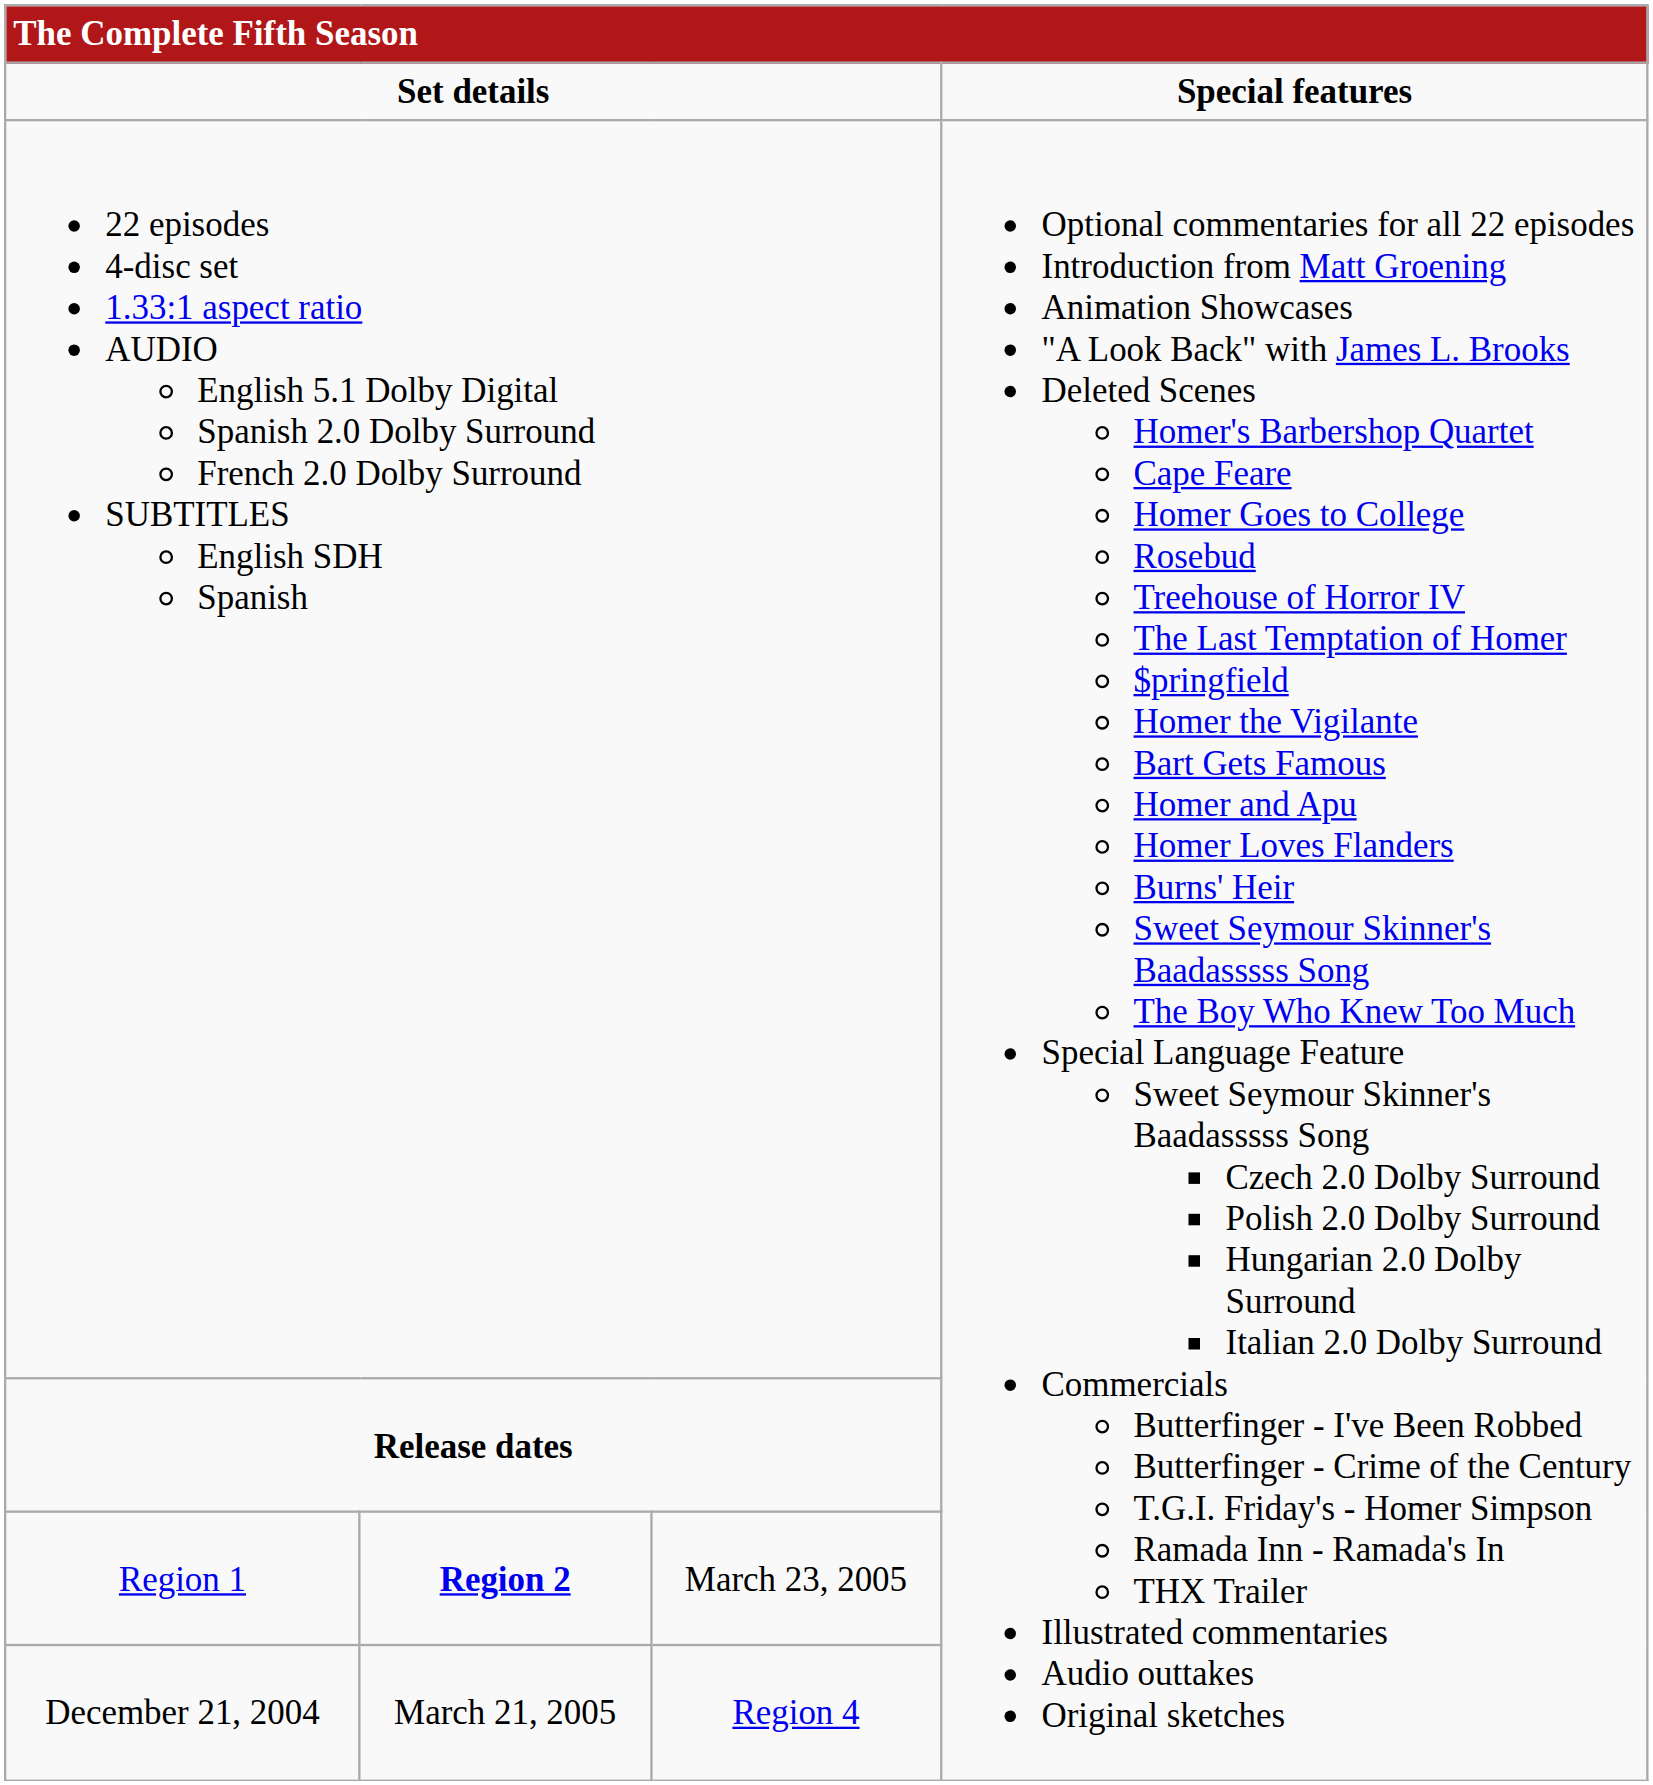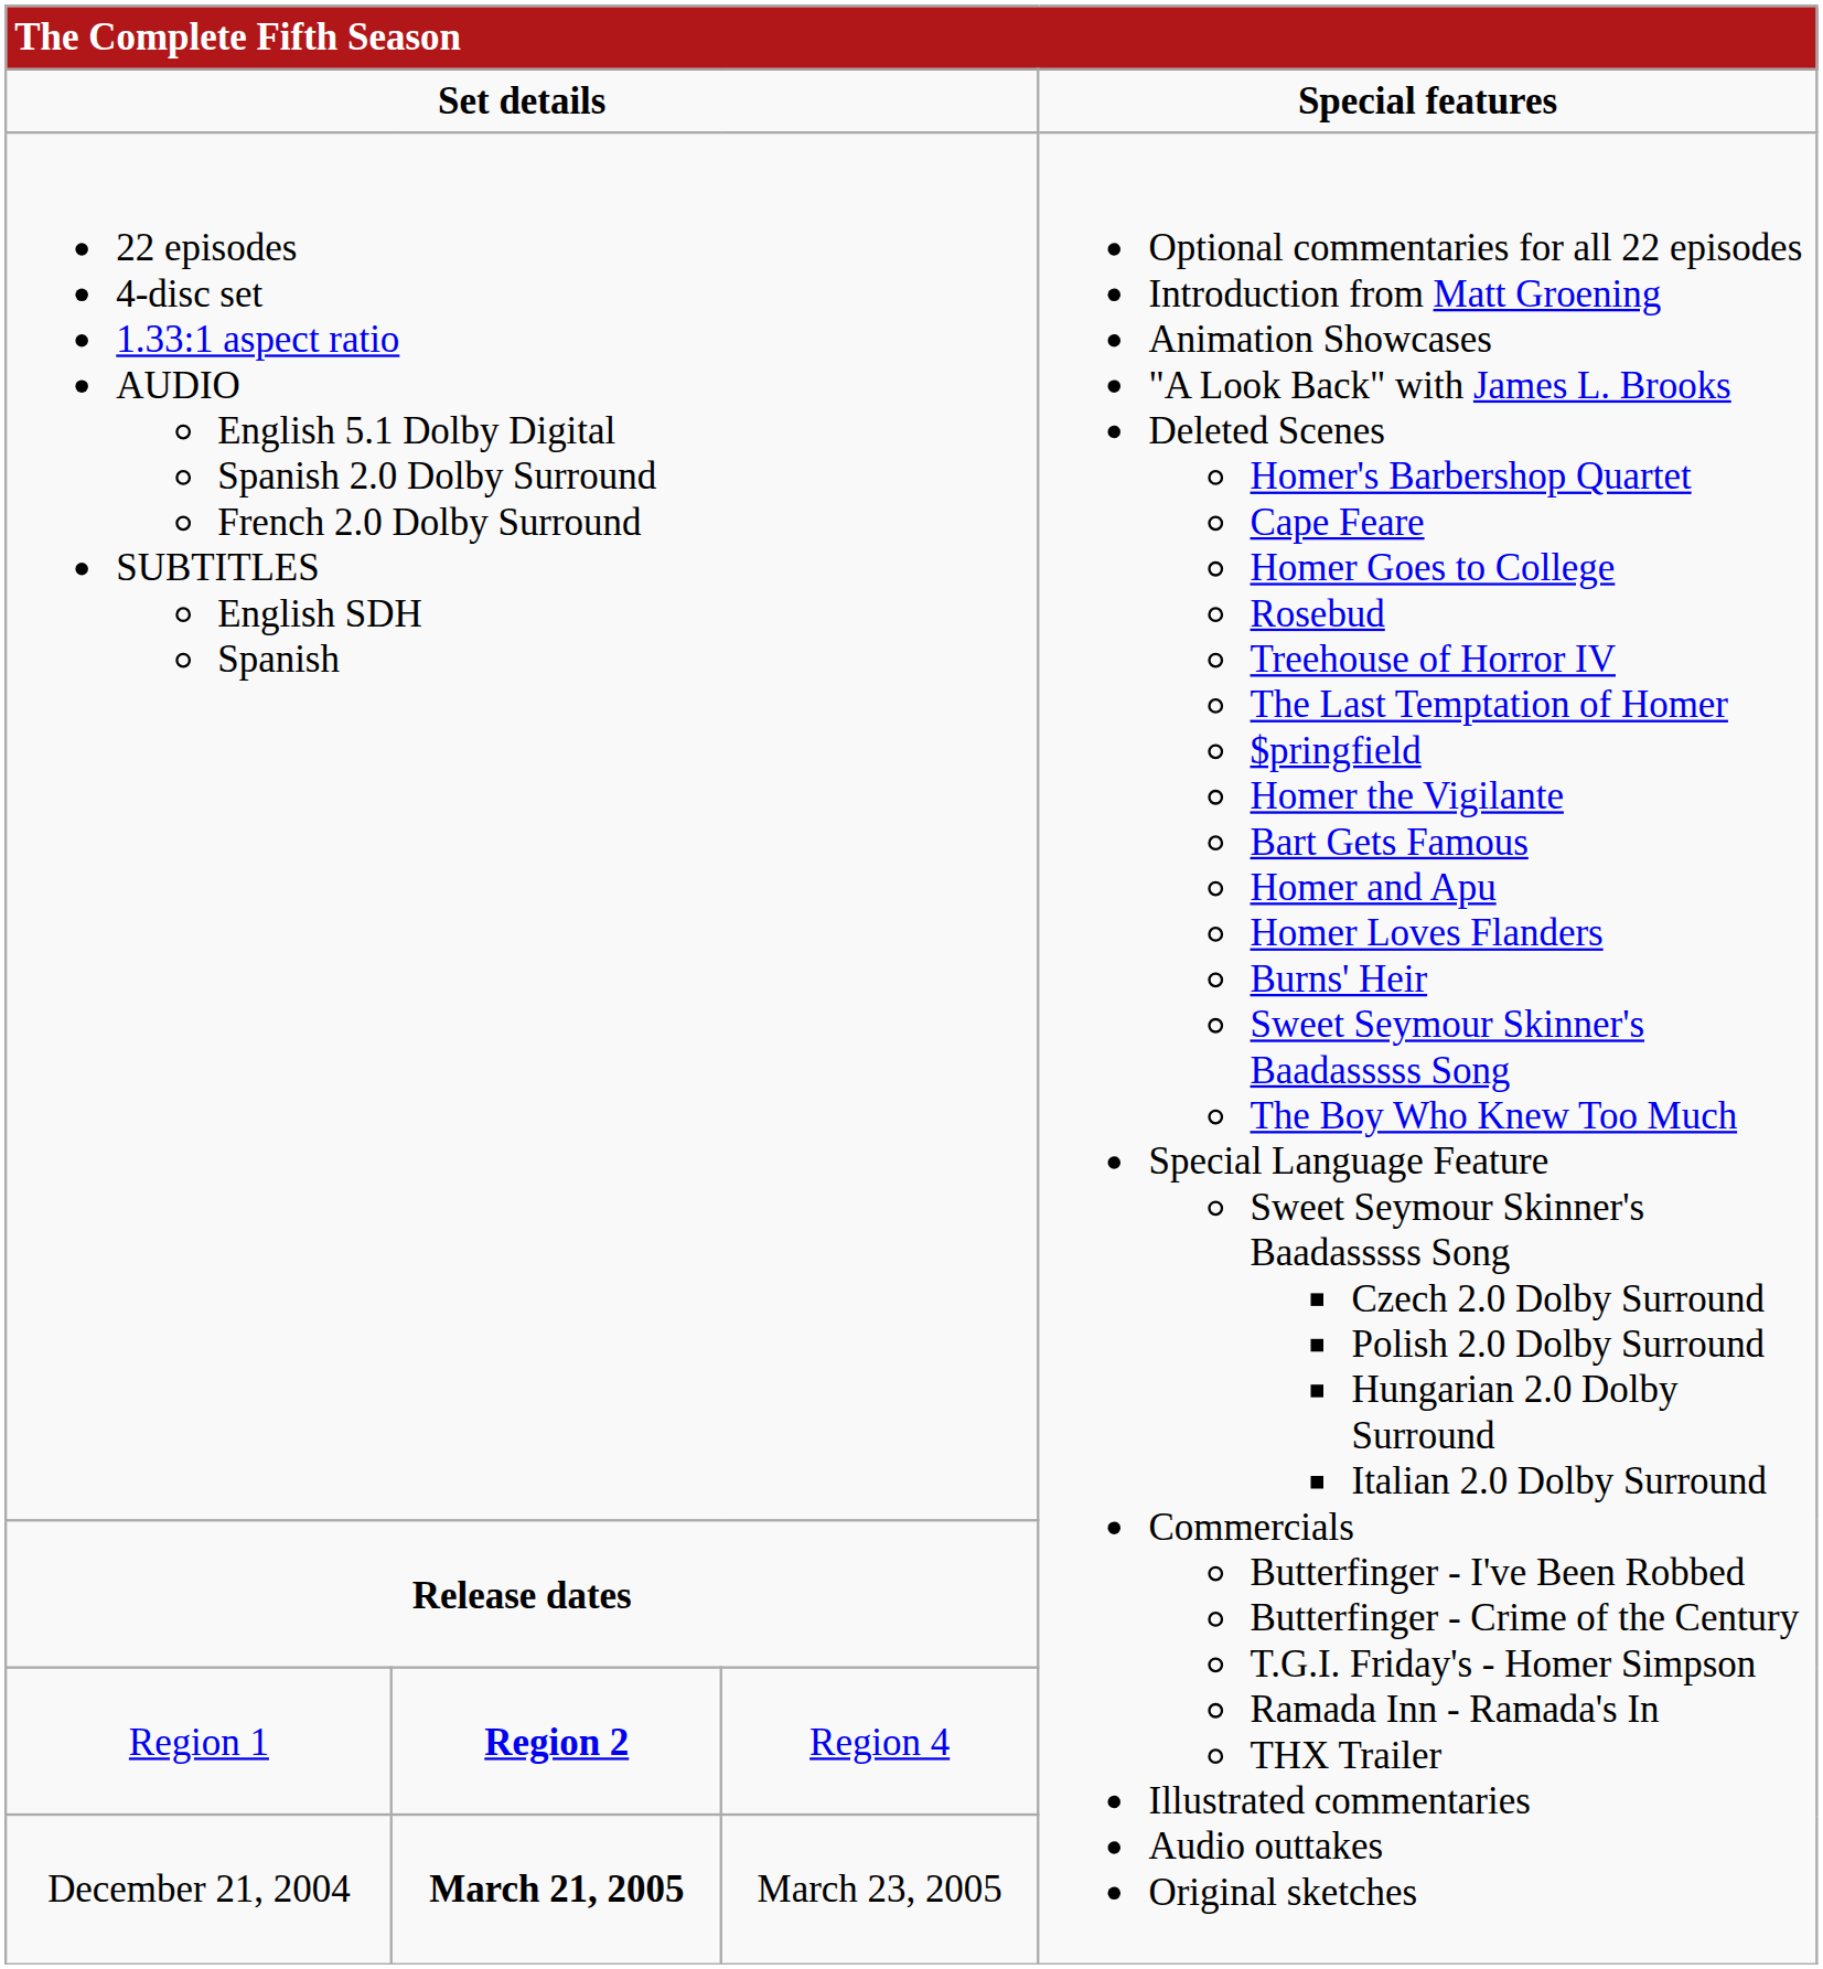 <table class="wikitable" style="font-size: 95%;">
 <tr>
 <td colspan="5" style="background-color: #B11618; color:#FFFFFF;"><strong>The Complete Fifth Season</strong></td>
 </tr>
 <tr valign="top">
 <td align="center" width="400" colspan="3"><strong>Set details</strong></td>
 <td width="300" align="center"><strong>Special features</strong></td>
 </tr>
 <tr valign="top">
 <td colspan="3" align="left" width="400"><br><ul><li>22 episodes</li><li>4-disc set</li><li><a href='#'>1.33:1 aspect ratio</a></li><li>AUDIO<ul><li>English 5.1 Dolby Digital</li><li>Spanish 2.0 Dolby Surround</li><li>French 2.0 Dolby Surround</li></ul></li><li>SUBTITLES<ul><li>English SDH</li><li>Spanish</li></ul></li></ul></td>
 <td rowspan="4" align="left" width="300"><br><ul><li>Optional commentaries for all 22 episodes</li><li>Introduction from <a href='#'>Matt Groening</a></li><li>Animation Showcases</li><li>"A Look Back" with <a href='#'>James L. Brooks</a></li><li>Deleted Scenes<ul><li><a href='#'>Homer's Barbershop Quartet</a></li><li><a href='#'>Cape Feare</a></li><li><a href='#'>Homer Goes to College</a></li><li><a href='#'>Rosebud</a></li><li><a href='#'>Treehouse of Horror IV</a></li><li><a href='#'>The Last Temptation of Homer</a></li><li><a href='#'>$pringfield</a></li><li><a href='#'>Homer the Vigilante</a></li><li><a href='#'>Bart Gets Famous</a></li><li><a href='#'>Homer and Apu</a></li><li><a href='#'>Homer Loves Flanders</a></li><li><a href='#'>Burns' Heir</a></li><li><a href='#'>Sweet Seymour Skinner's Baadasssss Song</a></li><li><a href='#'>The Boy Who Knew Too Much</a></li></ul></li><li>Special Language Feature<ul><li>Sweet Seymour Skinner's Baadasssss Song<ul><li>Czech 2.0 Dolby Surround</li><li>Polish 2.0 Dolby Surround</li><li>Hungarian 2.0 Dolby Surround</li><li>Italian 2.0 Dolby Surround</li></ul></li></ul></li><li>Commercials<ul><li>Butterfinger - I've Been Robbed</li><li>Butterfinger - Crime of the Century</li><li>T.G.I. Friday's - Homer Simpson</li><li>Ramada Inn - Ramada's In</li><li>THX Trailer</li></ul></li><li>Illustrated commentaries</li><li>Audio outtakes</li><li>Original sketches</li></ul></td>
 </tr>
 <tr>
 <td colspan="3" align="center"><strong>Release dates</strong></td>
 </tr>
 <tr>
 <td align="center"><a href='#'>Region 1</a></td>
 <td align="center"><strong><a href='#'>Region 2</a></strong></td>
-<td align="center">March 23, 2005</td>
+<td align="center"><a href='#'>Region 4</a></td>
 </tr>
 <tr>
 <td align="center">December 21, 2004</td>
-<td align="center">March 21, 2005</td>
-<td align="center"><a href='#'>Region 4</a></td>
+<td align="center"><strong>March 21, 2005</strong></td>
+<td align="center">March 23, 2005</td>
 </tr>
 </table>
